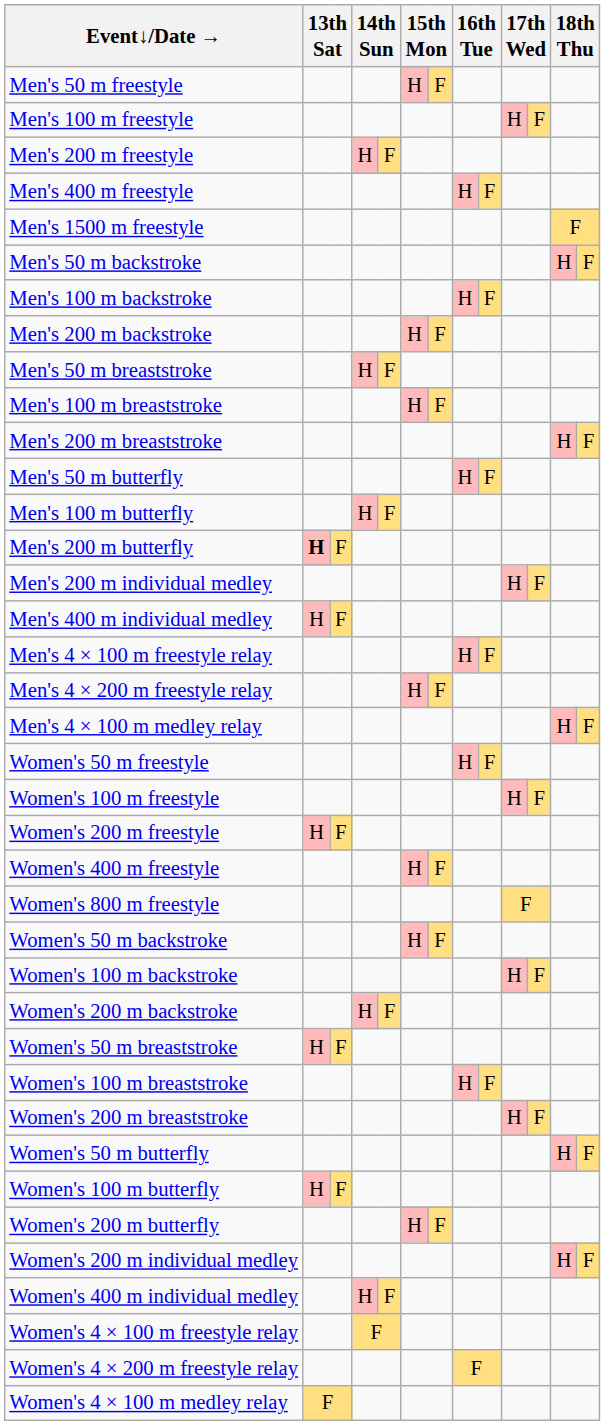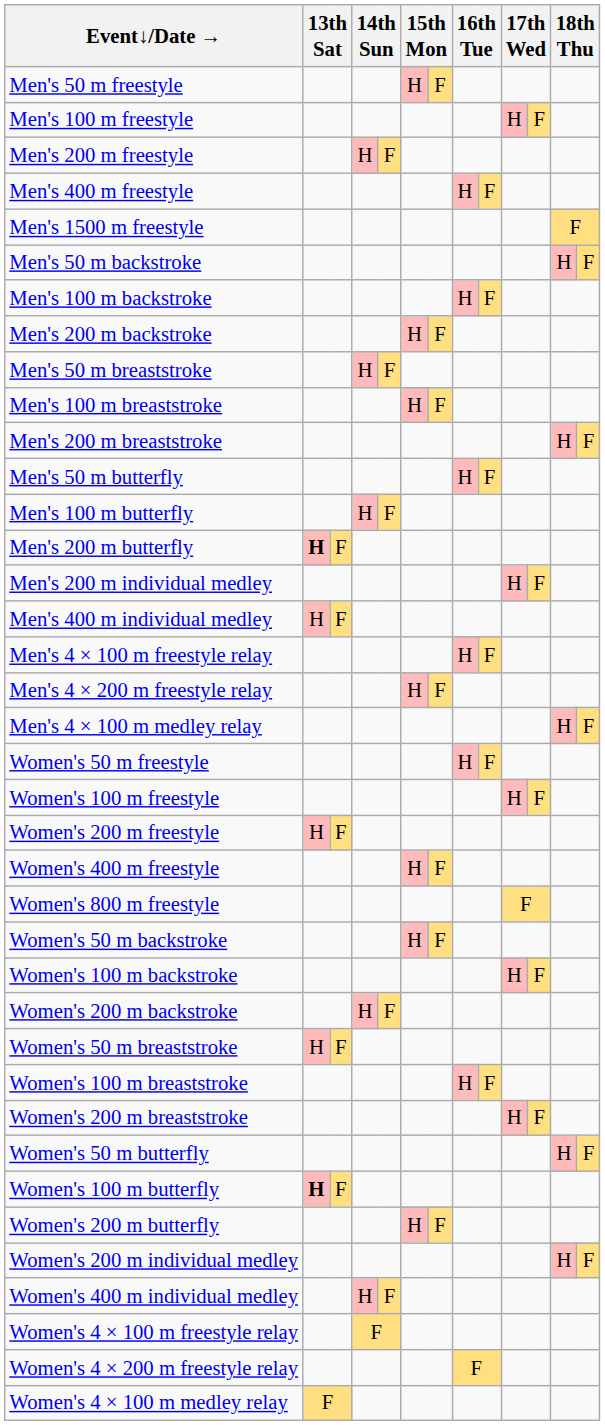 <table class="wikitable" style="margin:0.5em auto; font-size:90%; line-height:1.25em; text-align:center;">
 <tr>
 <th>Event↓/Date →</th>
 <th colspan=2>13th<br>Sat</th>
 <th colspan=2>14th<br>Sun</th>
 <th colspan=2>15th<br>Mon</th>
 <th colspan=2>16th<br>Tue</th>
 <th colspan=2>17th<br>Wed</th>
 <th colspan=2>18th<br>Thu</th>
 </tr>
 <tr>
 <td align="left"><a href='#'>Men's 50 m freestyle</a></td>
 <td colspan=2></td>
 <td colspan=2></td>
 <td bgcolor="#FFBBBB">H</td>
 <td bgcolor="#FFDF80">F</td>
 <td colspan=2></td>
 <td colspan=2></td>
 <td colspan=2></td>
 </tr>
 <tr>
 <td align="left"><a href='#'>Men's 100 m freestyle</a></td>
 <td colspan=2></td>
 <td colspan=2></td>
 <td colspan=2></td>
 <td colspan=2></td>
 <td bgcolor="#FFBBBB">H</td>
 <td bgcolor="#FFDF80">F</td>
 <td colspan=2></td>
 </tr>
 <tr>
 <td align="left"><a href='#'>Men's 200 m freestyle</a></td>
 <td colspan=2></td>
 <td bgcolor="#FFBBBB">H</td>
 <td bgcolor="#FFDF80">F</td>
 <td colspan=2></td>
 <td colspan=2></td>
 <td colspan=2></td>
 <td colspan=2></td>
 </tr>
 <tr>
 <td align="left"><a href='#'>Men's 400 m freestyle</a></td>
 <td colspan=2></td>
 <td colspan=2></td>
 <td colspan=2></td>
 <td bgcolor="#FFBBBB">H</td>
 <td bgcolor="#FFDF80">F</td>
 <td colspan=2></td>
 <td colspan=2></td>
 </tr>
 <tr>
 <td align="left"><a href='#'>Men's 1500 m freestyle</a></td>
 <td colspan=2></td>
 <td colspan=2></td>
 <td colspan=2></td>
 <td colspan=2></td>
 <td colspan=2></td>
 <td colspan=2 bgcolor="#FFDF80">F</td>
 </tr>
 <tr>
 <td align="left"><a href='#'>Men's 50 m backstroke</a></td>
 <td colspan=2></td>
 <td colspan=2></td>
 <td colspan=2></td>
 <td colspan=2></td>
 <td colspan=2></td>
 <td bgcolor="#FFBBBB">H</td>
 <td bgcolor="#FFDF80">F</td>
 </tr>
 <tr>
 <td align="left"><a href='#'>Men's 100 m backstroke</a></td>
 <td colspan=2></td>
 <td colspan=2></td>
 <td colspan=2></td>
 <td bgcolor="#FFBBBB">H</td>
 <td bgcolor="#FFDF80">F</td>
 <td colspan=2></td>
 <td colspan=2></td>
 </tr>
 <tr>
 <td align="left"><a href='#'>Men's 200 m backstroke</a></td>
 <td colspan=2></td>
 <td colspan=2></td>
 <td bgcolor="#FFBBBB">H</td>
 <td bgcolor="#FFDF80">F</td>
 <td colspan=2></td>
 <td colspan=2></td>
 <td colspan=2></td>
 </tr>
 <tr>
 <td align="left"><a href='#'>Men's 50 m breaststroke</a></td>
 <td colspan=2></td>
 <td bgcolor="#FFBBBB">H</td>
 <td bgcolor="#FFDF80">F</td>
 <td colspan=2></td>
 <td colspan=2></td>
 <td colspan=2></td>
 <td colspan=2></td>
 </tr>
 <tr>
 <td align="left"><a href='#'>Men's 100 m breaststroke</a></td>
 <td colspan=2></td>
 <td colspan=2></td>
 <td bgcolor="#FFBBBB">H</td>
 <td bgcolor="#FFDF80">F</td>
 <td colspan=2></td>
 <td colspan=2></td>
 <td colspan=2></td>
 </tr>
 <tr>
 <td align="left"><a href='#'>Men's 200 m breaststroke</a></td>
 <td colspan=2></td>
 <td colspan=2></td>
 <td colspan=2></td>
 <td colspan=2></td>
 <td colspan=2></td>
 <td bgcolor="#FFBBBB">H</td>
 <td bgcolor="#FFDF80">F</td>
 </tr>
 <tr>
 <td align="left"><a href='#'>Men's 50 m butterfly</a></td>
 <td colspan=2></td>
 <td colspan=2></td>
 <td colspan=2></td>
 <td bgcolor="#FFBBBB">H</td>
 <td bgcolor="#FFDF80">F</td>
 <td colspan=2></td>
 <td colspan=2></td>
 </tr>
 <tr>
 <td align="left"><a href='#'>Men's 100 m butterfly</a></td>
 <td colspan=2></td>
 <td bgcolor="#FFBBBB">H</td>
 <td bgcolor="#FFDF80">F</td>
 <td colspan=2></td>
 <td colspan=2></td>
 <td colspan=2></td>
 <td colspan=2></td>
 </tr>
 <tr>
 <td align="left"><a href='#'>Men's 200 m butterfly</a></td>
 <td bgcolor="#FFBBBB"><strong>H</strong></td>
 <td bgcolor="#FFDF80">F</td>
 <td colspan=2></td>
 <td colspan=2></td>
 <td colspan=2></td>
 <td colspan=2></td>
 <td colspan=2></td>
 </tr>
 <tr>
 <td align="left"><a href='#'>Men's 200 m individual medley</a></td>
 <td colspan=2></td>
 <td colspan=2></td>
 <td colspan=2></td>
 <td colspan=2></td>
 <td bgcolor="#FFBBBB">H</td>
 <td bgcolor="#FFDF80">F</td>
 <td colspan=2></td>
 </tr>
 <tr>
 <td align="left"><a href='#'>Men's 400 m individual medley</a></td>
 <td bgcolor="#FFBBBB">H</td>
 <td bgcolor="#FFDF80">F</td>
 <td colspan=2></td>
 <td colspan=2></td>
 <td colspan=2></td>
 <td colspan=2></td>
 <td colspan=2></td>
 </tr>
 <tr>
 <td align="left"><a href='#'>Men's 4 × 100 m freestyle relay</a></td>
 <td colspan=2></td>
 <td colspan=2></td>
 <td colspan=2></td>
 <td bgcolor="#FFBBBB">H</td>
 <td bgcolor="#FFDF80">F</td>
 <td colspan=2></td>
 <td colspan=2></td>
 </tr>
 <tr>
 <td align="left"><a href='#'>Men's 4 × 200 m freestyle relay</a></td>
 <td colspan=2></td>
 <td colspan=2></td>
 <td bgcolor="#FFBBBB">H</td>
 <td bgcolor="#FFDF80">F</td>
 <td colspan=2></td>
 <td colspan=2></td>
 <td colspan=2></td>
 </tr>
 <tr>
 <td align="left"><a href='#'>Men's 4 × 100 m medley relay</a></td>
 <td colspan=2></td>
 <td colspan=2></td>
 <td colspan=2></td>
 <td colspan=2></td>
 <td colspan=2></td>
 <td bgcolor="#FFBBBB">H</td>
 <td bgcolor="#FFDF80">F</td>
 </tr>
 <tr>
 <td align="left"><a href='#'>Women's 50 m freestyle</a></td>
 <td colspan=2></td>
 <td colspan=2></td>
 <td colspan=2></td>
 <td bgcolor="#FFBBBB">H</td>
 <td bgcolor="#FFDF80">F</td>
 <td colspan=2></td>
 <td colspan=2></td>
 </tr>
 <tr>
 <td align="left"><a href='#'>Women's 100 m freestyle</a></td>
 <td colspan=2></td>
 <td colspan=2></td>
 <td colspan=2></td>
 <td colspan=2></td>
 <td bgcolor="#FFBBBB">H</td>
 <td bgcolor="#FFDF80">F</td>
 <td colspan=2></td>
 </tr>
 <tr>
 <td align="left"><a href='#'>Women's 200 m freestyle</a></td>
 <td bgcolor="#FFBBBB">H</td>
 <td bgcolor="#FFDF80">F</td>
 <td colspan=2></td>
 <td colspan=2></td>
 <td colspan=2></td>
 <td colspan=2></td>
 <td colspan=2></td>
 </tr>
 <tr>
 <td align="left"><a href='#'>Women's 400 m freestyle</a></td>
 <td colspan=2></td>
 <td colspan=2></td>
 <td bgcolor="#FFBBBB">H</td>
 <td bgcolor="#FFDF80">F</td>
 <td colspan=2></td>
 <td colspan=2></td>
 <td colspan=2></td>
 </tr>
 <tr>
 <td align="left"><a href='#'>Women's 800 m freestyle</a></td>
 <td colspan=2></td>
 <td colspan=2></td>
 <td colspan=2></td>
 <td colspan=2></td>
 <td colspan=2 bgcolor="#FFDF80">F</td>
 <td colspan=2></td>
 </tr>
 <tr>
 <td align="left"><a href='#'>Women's 50 m backstroke</a></td>
 <td colspan=2></td>
 <td colspan=2></td>
 <td bgcolor="#FFBBBB">H</td>
 <td bgcolor="#FFDF80">F</td>
 <td colspan=2></td>
 <td colspan=2></td>
 <td colspan=2></td>
 </tr>
 <tr>
 <td align="left"><a href='#'>Women's 100 m backstroke</a></td>
 <td colspan=2></td>
 <td colspan=2></td>
 <td colspan=2></td>
 <td colspan=2></td>
 <td bgcolor="#FFBBBB">H</td>
 <td bgcolor="#FFDF80">F</td>
 <td colspan=2></td>
 </tr>
 <tr>
 <td align="left"><a href='#'>Women's 200 m backstroke</a></td>
 <td colspan=2></td>
 <td bgcolor="#FFBBBB">H</td>
 <td bgcolor="#FFDF80">F</td>
 <td colspan=2></td>
 <td colspan=2></td>
 <td colspan=2></td>
 <td colspan=2></td>
 </tr>
 <tr>
 <td align="left"><a href='#'>Women's 50 m breaststroke</a></td>
 <td bgcolor="#FFBBBB">H</td>
 <td bgcolor="#FFDF80">F</td>
 <td colspan=2></td>
 <td colspan=2></td>
 <td colspan=2></td>
 <td colspan=2></td>
 <td colspan=2></td>
 </tr>
 <tr>
 <td align="left"><a href='#'>Women's 100 m breaststroke</a></td>
 <td colspan=2></td>
 <td colspan=2></td>
 <td colspan=2></td>
 <td bgcolor="#FFBBBB">H</td>
 <td bgcolor="#FFDF80">F</td>
 <td colspan=2></td>
 <td colspan=2></td>
 </tr>
 <tr>
 <td align="left"><a href='#'>Women's 200 m breaststroke</a></td>
 <td colspan=2></td>
 <td colspan=2></td>
 <td colspan=2></td>
 <td colspan=2></td>
 <td bgcolor="#FFBBBB">H</td>
 <td bgcolor="#FFDF80">F</td>
 <td colspan=2></td>
 </tr>
 <tr>
 <td align="left"><a href='#'>Women's 50 m butterfly</a></td>
 <td colspan=2></td>
 <td colspan=2></td>
 <td colspan=2></td>
 <td colspan=2></td>
 <td colspan=2></td>
 <td bgcolor="#FFBBBB">H</td>
 <td bgcolor="#FFDF80">F</td>
 </tr>
 <tr>
 <td align="left"><a href='#'>Women's 100 m butterfly</a></td>
-<td bgcolor="#FFBBBB">H</td>
+<td bgcolor="#FFBBBB"><strong>H</strong></td>
 <td bgcolor="#FFDF80">F</td>
 <td colspan=2></td>
 <td colspan=2></td>
 <td colspan=2></td>
 <td colspan=2></td>
 <td colspan=2></td>
 </tr>
 <tr>
 <td align="left"><a href='#'>Women's 200 m butterfly</a></td>
 <td colspan=2></td>
 <td colspan=2></td>
 <td bgcolor="#FFBBBB">H</td>
 <td bgcolor="#FFDF80">F</td>
 <td colspan=2></td>
 <td colspan=2></td>
 <td colspan=2></td>
 </tr>
 <tr>
 <td align="left"><a href='#'>Women's 200 m individual medley</a></td>
 <td colspan=2></td>
 <td colspan=2></td>
 <td colspan=2></td>
 <td colspan=2></td>
 <td colspan=2></td>
 <td bgcolor="#FFBBBB">H</td>
 <td bgcolor="#FFDF80">F</td>
 </tr>
 <tr>
 <td align="left"><a href='#'>Women's 400 m individual medley</a></td>
 <td colspan=2></td>
 <td bgcolor="#FFBBBB">H</td>
 <td bgcolor="#FFDF80">F</td>
 <td colspan=2></td>
 <td colspan=2></td>
 <td colspan=2></td>
 <td colspan=2></td>
 </tr>
 <tr>
 <td align="left"><a href='#'>Women's 4 × 100 m freestyle relay</a></td>
 <td colspan=2></td>
 <td colspan=2 bgcolor="#FFDF80">F</td>
 <td colspan=2></td>
 <td colspan=2></td>
 <td colspan=2></td>
 <td colspan=2></td>
 </tr>
 <tr>
 <td align="left"><a href='#'>Women's 4 × 200 m freestyle relay</a></td>
 <td colspan=2></td>
 <td colspan=2></td>
 <td colspan=2></td>
 <td colspan=2 bgcolor="#FFDF80">F</td>
 <td colspan=2></td>
 <td colspan=2></td>
 </tr>
 <tr>
 <td align="left"><a href='#'>Women's 4 × 100 m medley relay</a></td>
 <td colspan=2 bgcolor="#FFDF80">F</td>
 <td colspan=2></td>
 <td colspan=2></td>
 <td colspan=2></td>
 <td colspan=2></td>
 <td colspan=2></td>
 </tr>
 </table>
